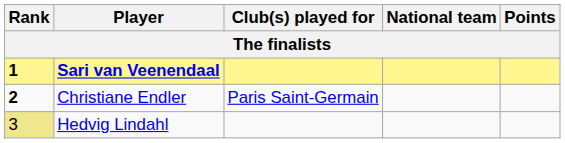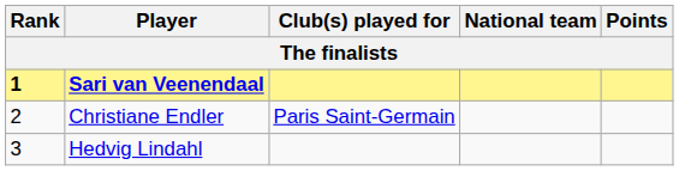 <table class="wikitable">
 <tr>
 <th>Rank</th>
 <th>Player</th>
 <th>Club(s) played for</th>
 <th>National team</th>
 <th>Points</th>
 </tr>
 <tr>
 <th colspan="5">The finalists</th>
 </tr>
 <tr style="background-color: #FFF68F; font-weight: bold;">
 <td>1</td>
 <td><a href='#'>Sari van Veenendaal</a></td>
 <td></td>
 <td></td>
 <td></td>
 </tr>
 <tr>
-<td><strong>2</strong></td>
+<td>2</td>
 <td><a href='#'>Christiane Endler</a></td>
 <td> <a href='#'>Paris Saint-Germain</a></td>
 <td></td>
 <td></td>
 </tr>
 <tr>
-<td style="background: khaki;">3</td>
+<td>3</td>
 <td><a href='#'>Hedvig Lindahl</a></td>
 <td></td>
 <td></td>
 <td></td>
 </tr>
 </table>
